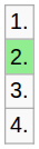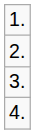 <table class="wikitable">
 <tr>
 <td>1. </td>
 </tr>
 <tr>
-<td style="background: lightgreen;">2. </td>
+<td>2. </td>
 </tr>
 <tr>
 <td>3. </td>
 </tr>
 <tr>
 <td>4. </td>
 </tr>
 </table>
